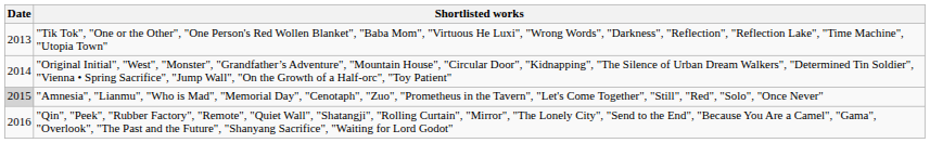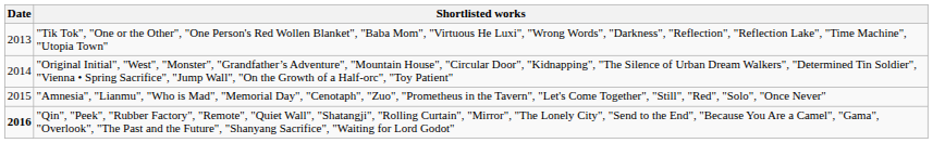 <table class="wikitable">
 <tr>
 <th>Date</th>
 <th>Shortlisted works</th>
 </tr>
 <tr>
 <td>2013</td>
 <td>"Tik Tok", "One or the Other", "One Person's Red Wollen Blanket", "Baba Mom", "Virtuous He Luxi", "Wrong Words", "Darkness", "Reflection", "Reflection Lake", "Time Machine", "Utopia Town"</td>
 </tr>
 <tr>
 <td>2014</td>
 <td>"Original Initial", "West", "Monster", "Grandfather’s Adventure", "Mountain House", "Circular Door", "Kidnapping", "The Silence of Urban Dream Walkers", "Determined Tin Soldier", "Vienna • Spring Sacrifice", "Jump Wall", "On the Growth of a Half-orc", "Toy Patient"</td>
 </tr>
 <tr>
-<td style="background: lightgrey;">2015</td>
+<td>2015</td>
 <td>"Amnesia", "Lianmu", "Who is Mad", "Memorial Day", "Cenotaph", "Zuo", "Prometheus in the Tavern", "Let's Come Together",  "Still", "Red", "Solo", "Once Never"</td>
 </tr>
 <tr>
-<td>2016</td>
+<td><strong>2016</strong></td>
 <td>"Qin", "Peek", "Rubber Factory", "Remote", "Quiet Wall", "Shatangji", "Rolling Curtain", "Mirror", "The Lonely City", "Send to the End", "Because You Are a Camel", "Gama", "Overlook", "The Past and the Future", "Shanyang Sacrifice", "Waiting for Lord Godot"</td>
 </tr>
 </table>
